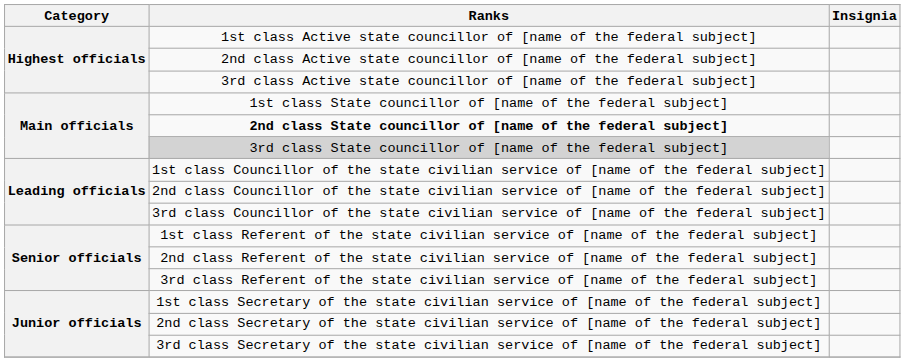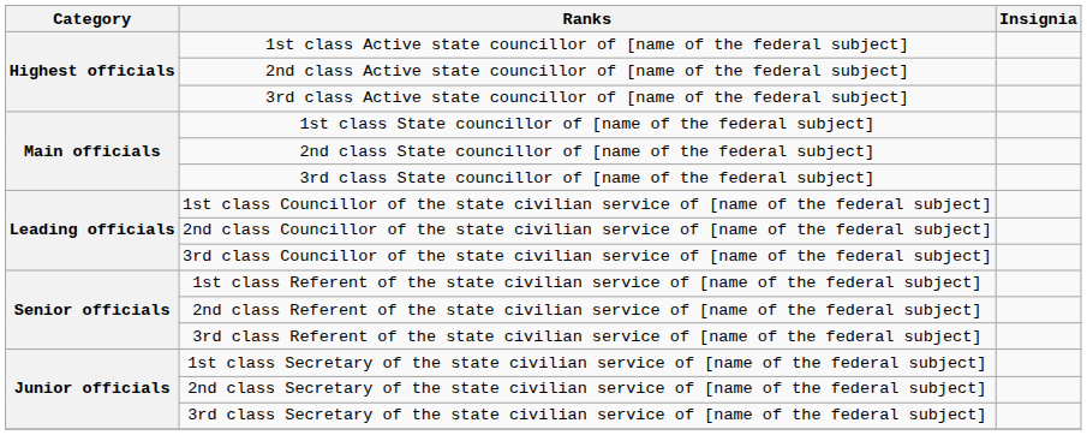 <table class="wikitable" style="text-align:center;">
 <tr>
 <th>Category</th>
 <th>Ranks</th>
 <th>Insignia</th>
 </tr>
 <tr>
 <th rowspan=3>Highest officials</th>
 <td>1st class Active state councillor of [name of the federal subject]</td>
 <td></td>
 </tr>
 <tr>
 <td>2nd class Active state councillor of [name of the federal subject]</td>
 <td></td>
 </tr>
 <tr>
 <td>3rd class Active state councillor of [name of the federal subject]</td>
 <td></td>
 </tr>
 <tr>
 <th rowspan=3>Main officials</th>
 <td>1st class State councillor of [name of the federal subject]</td>
 <td></td>
 </tr>
 <tr>
-<td><strong>2nd class State councillor of [name of the federal subject]</strong></td>
+<td>2nd class State councillor of [name of the federal subject]</td>
 <td></td>
 </tr>
 <tr>
-<td style="background: lightgrey;">3rd class State councillor of [name of the federal subject]</td>
+<td>3rd class State councillor of [name of the federal subject]</td>
 <td></td>
 </tr>
 <tr>
 <th rowspan=3>Leading officials</th>
 <td>1st class Councillor of the state civilian service of [name of the federal subject]</td>
 <td></td>
 </tr>
 <tr>
 <td>2nd class Councillor of the state civilian service of [name of the federal subject]</td>
 <td></td>
 </tr>
 <tr>
 <td>3rd class Councillor of the state civilian service of [name of the federal subject]</td>
 <td></td>
 </tr>
 <tr>
 <th rowspan=3>Senior officials</th>
 <td>1st class Referent of the state civilian service of [name of the federal subject]</td>
 <td></td>
 </tr>
 <tr>
 <td>2nd class Referent of the state civilian service of [name of the federal subject]</td>
 <td></td>
 </tr>
 <tr>
 <td>3rd class Referent of the state civilian service of [name of the federal subject]</td>
 <td></td>
 </tr>
 <tr>
 <th rowspan=3>Junior officials</th>
 <td>1st class Secretary of the state civilian service of [name of the federal subject]</td>
 <td></td>
 </tr>
 <tr>
 <td>2nd class Secretary of the state civilian service of [name of the federal subject]</td>
 <td></td>
 </tr>
 <tr>
 <td>3rd class Secretary of the state civilian service of [name of the federal subject]</td>
 <td></td>
 </tr>
 <tr>
 </tr>
 </table>
